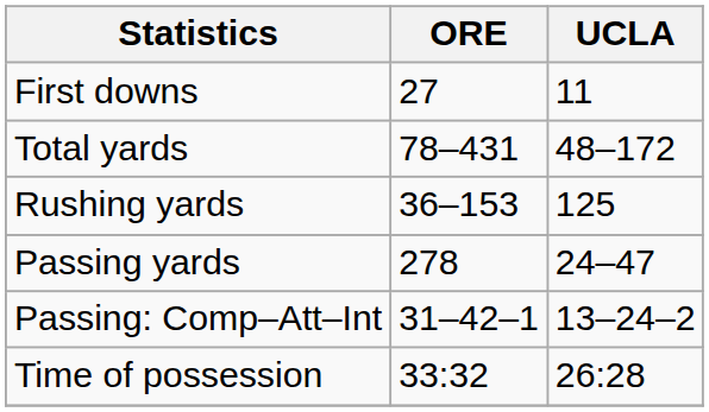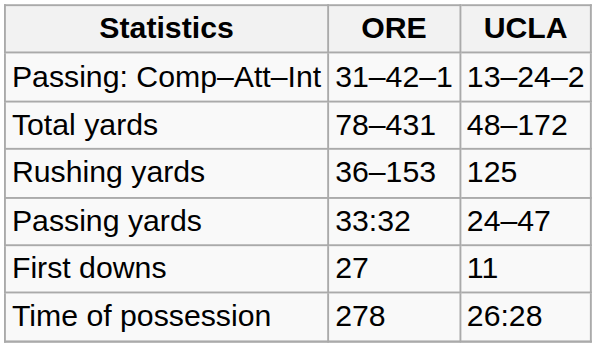 <table class="wikitable" style="float: left;">
 <tr>
 <th>Statistics</th>
 <th>ORE</th>
 <th>UCLA</th>
 </tr>
 <tr>
-<td>First downs</td>
-<td>27</td>
-<td>11</td>
+<td>Passing: Comp–Att–Int</td>
+<td>31–42–1</td>
+<td>13–24–2</td>
 </tr>
 <tr>
 <td>Total yards</td>
 <td>78–431</td>
 <td>48–172</td>
 </tr>
 <tr>
 <td>Rushing yards</td>
 <td>36–153</td>
 <td>125</td>
 </tr>
 <tr>
 <td>Passing yards</td>
-<td>278</td>
+<td>33:32</td>
 <td>24–47</td>
 </tr>
 <tr>
-<td>Passing: Comp–Att–Int</td>
-<td>31–42–1</td>
-<td>13–24–2</td>
+<td>First downs</td>
+<td>27</td>
+<td>11</td>
 </tr>
 <tr>
 <td>Time of possession</td>
-<td>33:32</td>
+<td>278</td>
 <td>26:28</td>
 </tr>
 <tr>
 </tr>
 </table>
